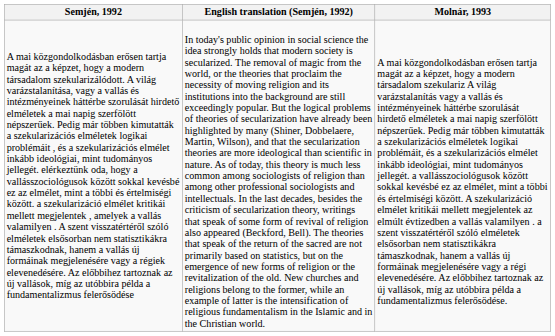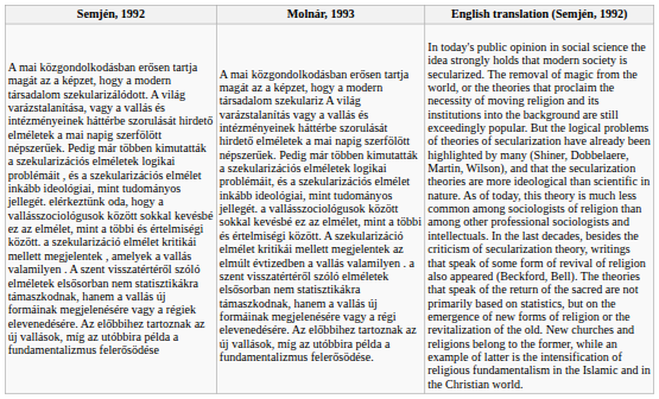 <table class="wikitable">
 <tr>
 <th>Semjén, 1992</th>
+<th>Molnár, 1993</th>
 <th>English translation (Semjén, 1992)</th>
-<th>Molnár, 1993</th>
 </tr>
 <tr>
 <td>A mai  közgondolkodásban erősen tartja magát az a képzet, hogy a modern társadalom szekularizálódott. A világ varázstalanítása, vagy a vallás és intézményeinek  háttérbe szorulását hirdető elméletek a mai napig szerfölött népszerűek. Pedig már többen kimutatták a szekularizációs elméletek logikai problémáit , és a szekularizációs elmélet inkább ideológiai, mint tudományos jellegét.  elérkeztünk oda, hogy a vallásszociológusok között sokkal kevésbé  ez az elmélet, mint a többi  és értelmiségi között.  a szekularizáció elmélet kritikái mellett megjelentek , amelyek a vallás valamilyen . A szent visszatértéről szóló elméletek elsősorban nem statisztikákra támaszkodnak, hanem a vallás új formáinak megjelenésére vagy a régiek elevenedésére. Az előbbihez tartoznak az új  vallások, míg az utóbbira példa a  fundamentalizmus felerősödése </td>
+<td><br>A mai közgondolkodásban erősen tartja magát az a képzet, hogy a modern társadalom szekulariz A világ varázstalanítás vagy a vallás és intézményeinek háttérbe szorulását hirdető elméletek a mai napig szerfölött népszerűek. Pedig már többen kimutatták a szekularizációs elméletek  logikai problémáit, és a szekularizációs elmélet inkább ideológiai, mint tudományos jellegét.  a vallásszociológusok között sokkal kevésbé  ez az elmélet, mint a többi  és értelmiségi között. A szekularizáció elmélet kritikái mellett  megjelentek az elmúlt évtizedben a vallás valamilyen .  a szent visszatértéről szóló elméletek elsősorban nem statisztikákra támaszkodnak, hanem a vallás új formáinak megjelenésére vagy a régi elevenedésére. Az előbbihez tartoznak az új vallások, míg az utóbbira példa a fundamentalizmus felerősödése.</td>
 <td><br>In today's public opinion in social science the idea strongly holds that modern society is secularized. The removal of magic from the world, or the theories that proclaim the necessity of moving religion and its institutions into the background are still exceedingly popular. But the logical problems of theories of secularization have already been highlighted by many (Shiner, Dobbelaere, Martin, Wilson), and that the secularization theories are more ideological than scientific in nature. As of today, this theory is much less common among sociologists of religion than among other professional sociologists and intellectuals. In the last decades, besides the criticism of secularization theory, writings that speak of some form of revival of religion also appeared (Beckford, Bell). The theories that speak of the return of the sacred are not primarily based on statistics, but on the emergence of new forms of religion or the revitalization of the old. New churches and religions belong to the former, while an example of latter is the intensification of religious fundamentalism in the Islamic and in the Christian world.</td>
-<td><br>A mai közgondolkodásban erősen tartja magát az a képzet, hogy a modern társadalom szekulariz A világ varázstalanítás vagy a vallás és intézményeinek háttérbe szorulását hirdető elméletek a mai napig szerfölött népszerűek. Pedig már többen kimutatták a szekularizációs elméletek  logikai problémáit, és a szekularizációs elmélet inkább ideológiai, mint tudományos jellegét.  a vallásszociológusok között sokkal kevésbé  ez az elmélet, mint a többi  és értelmiségi között. A szekularizáció elmélet kritikái mellett  megjelentek az elmúlt évtizedben a vallás valamilyen .  a szent visszatértéről szóló elméletek elsősorban nem statisztikákra támaszkodnak, hanem a vallás új formáinak megjelenésére vagy a régi elevenedésére. Az előbbihez tartoznak az új vallások, míg az utóbbira példa a fundamentalizmus felerősödése.</td>
 </tr>
 </table>
